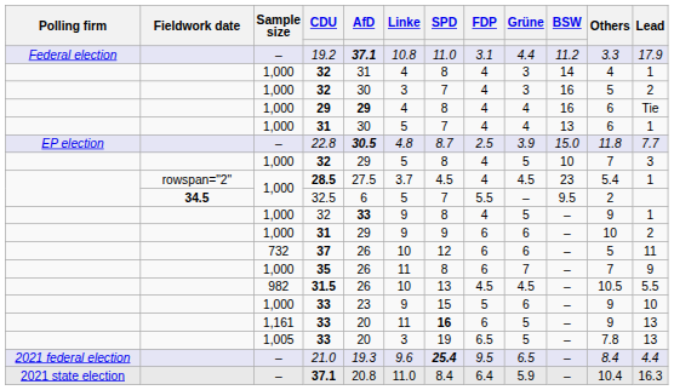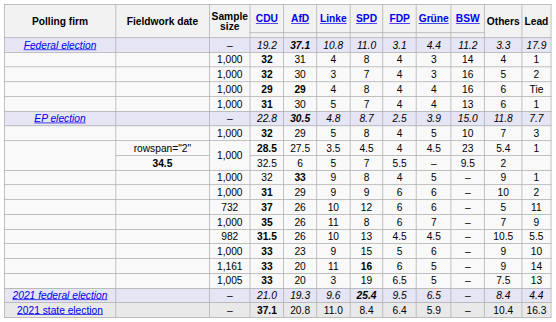 <table class="wikitable sortable" style="text-align:center;font-size:90%;line-height:14px;">
 <tr style="height:40px;">
 <th style="width:150px;" rowspan="2">Polling firm</th>
 <th style="width:125px;" rowspan="2">Fieldwork date</th>
 <th style="width:35px;" rowspan="2">Sample<br>size</th>
 <th class="unsortable" style="width:40px;"><a href='#'>CDU</a></th>
 <th class="unsortable" style="width:40px;"><a href='#'>AfD</a></th>
 <th class="unsortable" style="width:40px;"><a href='#'>Linke</a></th>
 <th class="unsortable" style="width:40px;"><a href='#'>SPD</a></th>
 <th class="unsortable" style="width:40px;"><a href='#'>FDP</a></th>
 <th class="unsortable" style="width:40px;"><a href='#'>Grüne</a></th>
 <th class="unsortable" style="width:40px;"><a href='#'>BSW</a></th>
 <th class="unsortable" style="width:40px;" rowspan="2">Others</th>
 <th style="width:30px;" rowspan="2">Lead</th>
 </tr>
 <tr>
 <th style="background:"></th>
 <th style="background:"></th>
 <th style="background:"></th>
 <th style="background:"></th>
 <th style="background:"></th>
 <th style="background:"></th>
 <th style="background:"></th>
 </tr>
 <tr style="background:#E5E5F5;font-style:italic;">
 <td><a href='#'>Federal election</a></td>
 <td></td>
 <td>–</td>
 <td>19.2</td>
 <td><strong>37.1</strong></td>
 <td>10.8</td>
 <td>11.0</td>
 <td>3.1</td>
 <td>4.4</td>
 <td>11.2</td>
 <td>3.3</td>
 <td style="background:">17.9</td>
 </tr>
 <tr>
 <td></td>
 <td></td>
 <td>1,000</td>
 <td><strong>32</strong></td>
 <td>31</td>
 <td>4</td>
 <td>8</td>
 <td>4</td>
 <td>3</td>
 <td>14</td>
 <td>4</td>
 <td style="background:">1</td>
 </tr>
 <tr>
 <td></td>
 <td></td>
 <td>1,000</td>
 <td><strong>32</strong></td>
 <td>30</td>
 <td>3</td>
 <td>7</td>
 <td>4</td>
 <td>3</td>
 <td>16</td>
 <td>5</td>
 <td style="background:">2</td>
 </tr>
 <tr>
 <td></td>
 <td></td>
 <td>1,000</td>
 <td><strong>29</strong></td>
 <td><strong>29</strong></td>
 <td>4</td>
 <td>8</td>
 <td>4</td>
 <td>4</td>
 <td>16</td>
 <td>6</td>
 <td>Tie</td>
 </tr>
 <tr>
 <td></td>
 <td></td>
 <td>1,000</td>
 <td><strong>31</strong></td>
 <td>30</td>
 <td>5</td>
 <td>7</td>
 <td>4</td>
 <td>4</td>
 <td>13</td>
 <td>6</td>
 <td style="background:">1</td>
 </tr>
 <tr style="background:#E5E5F5;font-style:italic;">
 <td><a href='#'>EP election</a></td>
 <td></td>
 <td>–</td>
 <td>22.8</td>
 <td><strong>30.5</strong></td>
 <td>4.8</td>
 <td>8.7</td>
 <td>2.5</td>
 <td>3.9</td>
 <td>15.0</td>
 <td>11.8</td>
 <td style="background:">7.7</td>
 </tr>
 <tr>
 <td></td>
 <td></td>
 <td>1,000</td>
 <td><strong>32</strong></td>
 <td>29</td>
 <td>5</td>
 <td>8</td>
 <td>4</td>
 <td>5</td>
 <td>10</td>
 <td>7</td>
 <td style="background:">3</td>
 </tr>
 <tr>
 <td rowspan="2"></td>
 <td>rowspan="2" </td>
 <td rowspan="2">1,000</td>
 <td><strong>28.5</strong></td>
 <td>27.5</td>
-<td>3.7</td>
+<td>3.5</td>
 <td>4.5</td>
 <td>4</td>
 <td>4.5</td>
 <td>23</td>
 <td>5.4</td>
 <td style="background:">1</td>
 </tr>
 <tr>
 <td><strong>34.5</strong></td>
 <td>32.5</td>
 <td>6</td>
 <td>5</td>
 <td>7</td>
 <td>5.5</td>
 <td>–</td>
 <td>9.5</td>
 <td style="background:">2</td>
 </tr>
 <tr>
 <td></td>
 <td></td>
 <td>1,000</td>
 <td>32</td>
 <td><strong>33</strong></td>
 <td>9</td>
 <td>8</td>
 <td>4</td>
 <td>5</td>
 <td>–</td>
 <td>9</td>
 <td style="background:">1</td>
 </tr>
 <tr>
 <td></td>
 <td></td>
 <td>1,000</td>
 <td><strong>31</strong></td>
 <td>29</td>
 <td>9</td>
 <td>9</td>
 <td>6</td>
 <td>6</td>
 <td>–</td>
 <td>10</td>
 <td style="background:">2</td>
 </tr>
 <tr>
 <td></td>
 <td></td>
 <td>732</td>
 <td><strong>37</strong></td>
 <td>26</td>
 <td>10</td>
 <td>12</td>
 <td>6</td>
 <td>6</td>
 <td>–</td>
 <td>5</td>
 <td style="background:">11</td>
 </tr>
 <tr>
 <td></td>
 <td></td>
 <td>1,000</td>
 <td><strong>35</strong></td>
 <td>26</td>
 <td>11</td>
 <td>8</td>
 <td>6</td>
 <td>7</td>
 <td>–</td>
 <td>7</td>
 <td style="background:">9</td>
 </tr>
 <tr>
 <td></td>
 <td></td>
 <td>982</td>
 <td><strong>31.5</strong></td>
 <td>26</td>
 <td>10</td>
 <td>13</td>
 <td>4.5</td>
 <td>4.5</td>
 <td>–</td>
 <td>10.5</td>
 <td style="background:">5.5</td>
 </tr>
 <tr>
 <td></td>
 <td></td>
 <td>1,000</td>
 <td><strong>33</strong></td>
 <td>23</td>
 <td>9</td>
 <td>15</td>
 <td>5</td>
 <td>6</td>
 <td>–</td>
 <td>9</td>
 <td style="background:">10</td>
 </tr>
 <tr>
 <td></td>
 <td></td>
 <td>1,161</td>
 <td><strong>33</strong></td>
 <td>20</td>
 <td>11</td>
 <td><strong>16</strong></td>
 <td>6</td>
 <td>5</td>
 <td>–</td>
 <td>9</td>
-<td style="background:">13</td>
+<td style="background:">14</td>
 </tr>
 <tr>
 <td></td>
 <td></td>
 <td>1,005</td>
 <td><strong>33</strong></td>
 <td>20</td>
 <td>3</td>
 <td>19</td>
 <td>6.5</td>
 <td>5</td>
 <td>–</td>
-<td>7.8</td>
+<td>7.5</td>
 <td style="background:">13</td>
 </tr>
 <tr style="background:#E5E5F5;font-style:italic;">
 <td><a href='#'>2021 federal election</a></td>
 <td></td>
 <td>–</td>
 <td>21.0</td>
 <td>19.3</td>
 <td>9.6</td>
 <td><strong>25.4</strong></td>
 <td>9.5</td>
 <td>6.5</td>
 <td>–</td>
 <td>8.4</td>
 <td style="background:">4.4</td>
 </tr>
 <tr style="background:#E9E9E9;">
 <td><a href='#'>2021 state election</a></td>
 <td></td>
 <td>–</td>
 <td><strong>37.1</strong></td>
 <td>20.8</td>
 <td>11.0</td>
 <td>8.4</td>
 <td>6.4</td>
 <td>5.9</td>
 <td>–</td>
 <td>10.4</td>
 <td style="background:">16.3</td>
 </tr>
 </table>
